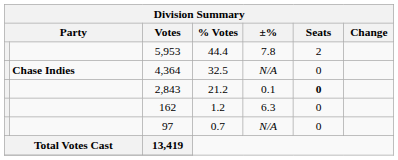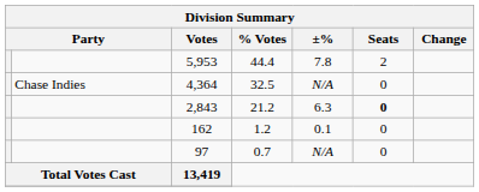 <table class="wikitable" style="font-size: 95%;">
 <tr>
 <th colspan="7">Division Summary</th>
 </tr>
 <tr>
 <th colspan="2">Party</th>
 <th style="width: 60px">Votes</th>
 <th style="width: 60px">% Votes</th>
 <th style="width: 60px">±%</th>
 <th style="width: 60px">Seats</th>
 <th style="width: 60px">Change</th>
 </tr>
 <tr>
 <th style="background-color: "></th>
 <td style="width: 170px"><a href='#'></a></td>
 <td align="center">5,953</td>
 <td align="center">44.4</td>
 <td align="center">7.8</td>
 <td align="center">2</td>
 <td align="center"></td>
 </tr>
 <tr>
 <th style="background-color: "></th>
-<td style="width: 170px"><strong>Chase Indies</strong></td>
+<td style="width: 170px">Chase Indies</td>
 <td align="center">4,364</td>
 <td align="center">32.5</td>
 <td align="center"><em>N/A</em></td>
 <td align="center">0</td>
 <td align="center"></td>
 </tr>
 <tr>
 <th style="background-color: "></th>
 <td style="width: 170px"><a href='#'></a></td>
 <td align="center">2,843</td>
 <td align="center">21.2</td>
-<td align="center">0.1</td>
+<td align="center">6.3</td>
 <td align="center"><strong>0</strong></td>
 <td align="center"></td>
 </tr>
 <tr>
 <th style="background-color: "></th>
 <td style="width: 170px"><a href='#'></a></td>
 <td align="center">162</td>
 <td align="center">1.2</td>
-<td align="center">6.3</td>
+<td align="center">0.1</td>
 <td align="center">0</td>
 <td align="center"></td>
 </tr>
 <tr>
 <th style="background-color: "></th>
 <td style="width: 170px"><a href='#'></a></td>
 <td align="center">97</td>
 <td align="center">0.7</td>
 <td align="center"><em>N/A</em></td>
 <td align="center">0</td>
 <td align="center"></td>
 </tr>
 <tr style="background-color:#E9E9E9">
 <th colspan="2">Total Votes Cast</th>
 <th style="width: 60px">13,419</th>
 </tr>
 <tr style="background-color:#E9E9E9">
 </tr>
 </table>
